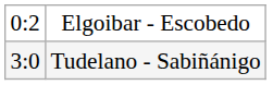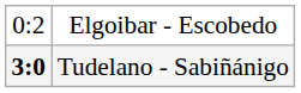 <table class="wikitable">
 <tr align=center bgcolor=white>
 <td>0:2</td>
 <td>Elgoibar - Escobedo</td>
 </tr>
 <tr align=center bgcolor=#F5F5F5>
-<td>3:0</td>
+<td><strong>3:0</strong></td>
 <td>Tudelano - Sabiñánigo</td>
 </tr>
 </table>
